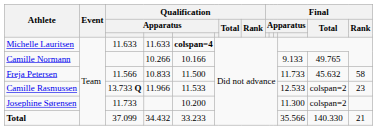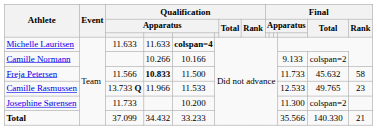 <table class="wikitable" style="font-size:90%">
 <tr>
 <th rowspan=3>Athlete</th>
 <th rowspan=3>Event</th>
 <th colspan=6>Qualification</th>
 <th colspan=6>Final</th>
 </tr>
 <tr style="font-size:95%">
 <th colspan=4>Apparatus</th>
 <th rowspan=2>Total</th>
 <th rowspan=2>Rank</th>
 <th colspan=4>Apparatus</th>
 <th rowspan=2>Total</th>
 <th rowspan=2>Rank</th>
 </tr>
 <tr style="font-size:95%">
 <th></th>
 <th></th>
 <th></th>
 <th></th>
 <th></th>
 <th></th>
 <th></th>
 <th></th>
 </tr>
 <tr align=center>
 <td align=left><a href='#'>Michelle Lauritsen</a></td>
 <td align=left rowspan=6>Team</td>
 <td>11.633</td>
 <td>11.633</td>
 <td><strong>colspan=4</strong></td>
 <td colspan=6 rowspan=6>Did not advance</td>
 </tr>
 <tr align=center>
 <td align=left><a href='#'>Camille Normann</a></td>
 <td></td>
 <td>10.266</td>
 <td>10.166</td>
 <td>9.133</td>
-<td>49.765</td>
+<td>colspan=2</td>
 </tr>
 <tr align=center>
 <td align=left><a href='#'>Freja Petersen</a></td>
 <td>11.566</td>
-<td>10.833</td>
+<td><strong>10.833</strong></td>
 <td>11.500</td>
 <td>11.733</td>
 <td>45.632</td>
 <td>58</td>
 </tr>
 <tr align=center>
 <td align=left><a href='#'>Camille Rasmussen</a></td>
 <td>13.733 <strong>Q</strong></td>
 <td>11.966</td>
 <td>11.533</td>
 <td>12.533</td>
-<td>colspan=2</td>
+<td>49.765</td>
 <td>23</td>
 </tr>
 <tr align=center>
 <td align=left><a href='#'>Josephine Sørensen</a></td>
 <td>11.733</td>
 <td></td>
 <td>10.200</td>
 <td>11.300</td>
 <td>colspan=2</td>
 </tr>
 <tr align=center>
 <td align=left><strong>Total</strong></td>
 <td>37.099</td>
 <td>34.432</td>
 <td>33.233</td>
 <td>35.566</td>
 <td>140.330</td>
 <td>21</td>
 </tr>
 </table>
